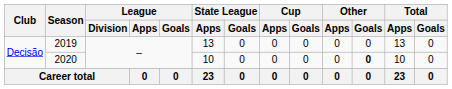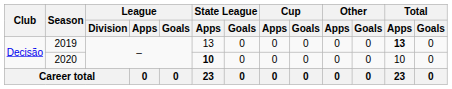 <table class="wikitable" style="text-align: center">
 <tr>
 <th rowspan="2">Club</th>
 <th rowspan="2">Season</th>
 <th colspan="3">League</th>
 <th colspan="2">State League</th>
 <th colspan="2">Cup</th>
 <th colspan="2">Other</th>
 <th colspan="2">Total</th>
 </tr>
 <tr>
 <th>Division</th>
 <th>Apps</th>
 <th>Goals</th>
 <th>Apps</th>
 <th>Goals</th>
 <th>Apps</th>
 <th>Goals</th>
 <th>Apps</th>
 <th>Goals</th>
 <th>Apps</th>
 <th>Goals</th>
 </tr>
 <tr>
 <td rowspan="2"><a href='#'>Decisão</a></td>
 <td>2019</td>
 <td colspan="3" rowspan="2">–</td>
 <td>13</td>
 <td>0</td>
 <td>0</td>
 <td>0</td>
 <td>0</td>
 <td>0</td>
-<td>13</td>
+<td><strong>13</strong></td>
 <td>0</td>
 </tr>
 <tr>
 <td>2020</td>
-<td>10</td>
+<td><strong>10</strong></td>
 <td>0</td>
 <td>0</td>
 <td>0</td>
 <td>0</td>
-<td><strong>0</strong></td>
+<td>0</td>
 <td>10</td>
 <td>0</td>
 </tr>
 <tr>
 <th colspan="3"><strong>Career total</strong></th>
 <th>0</th>
 <th>0</th>
 <th>23</th>
 <th>0</th>
 <th>0</th>
 <th>0</th>
 <th>0</th>
 <th>0</th>
 <th>23</th>
 <th>0</th>
 </tr>
 </table>
